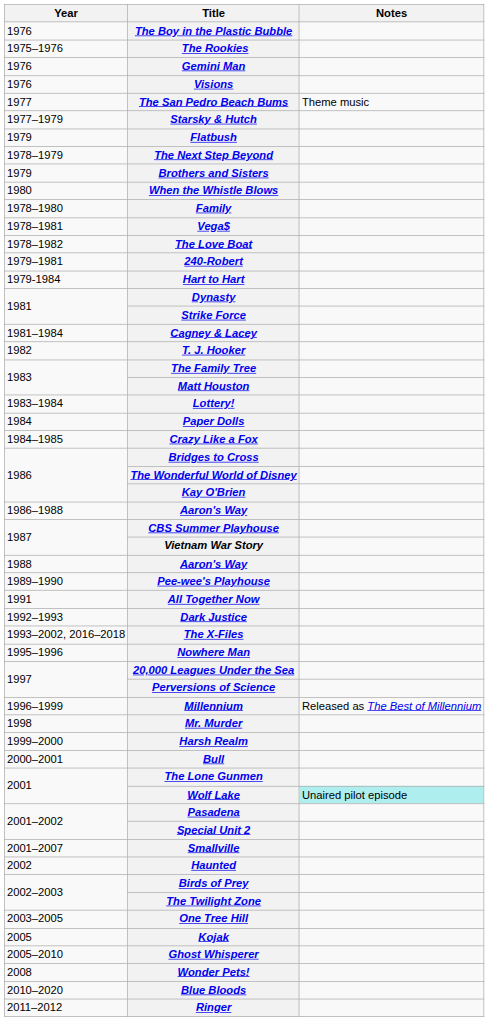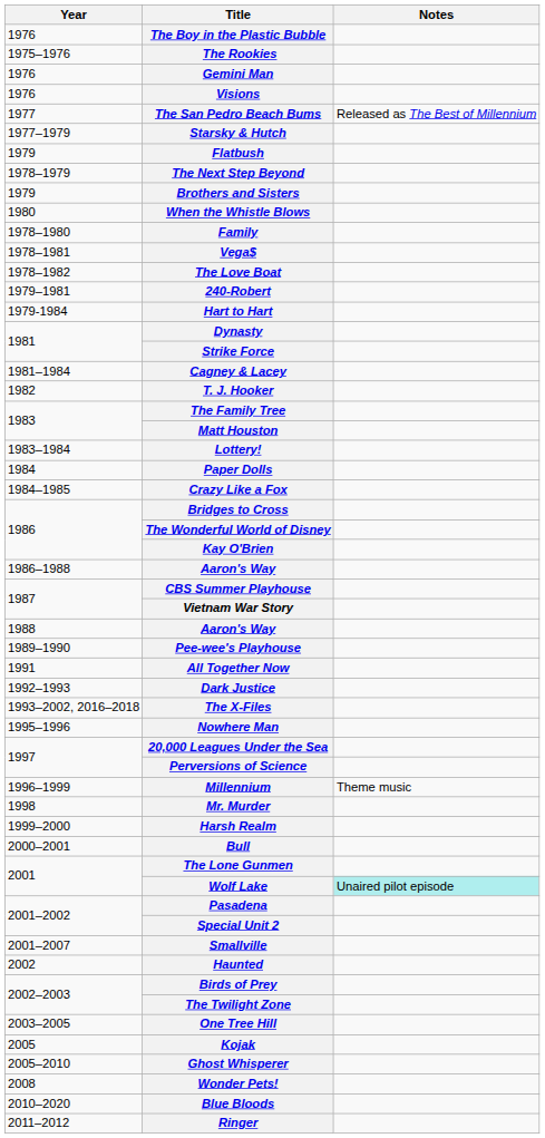 <table class="wikitable">
 <tr>
 <th>Year</th>
 <th>Title</th>
 <th>Notes</th>
 </tr>
 <tr>
 <td>1976</td>
 <th><em><a href='#'>The Boy in the Plastic Bubble</a></em></th>
 <td></td>
 </tr>
 <tr>
 <td>1975–1976</td>
 <th> <em><a href='#'>The Rookies</a></em></th>
 <td></td>
 </tr>
 <tr>
 <td>1976</td>
 <th><em><a href='#'>Gemini Man</a></em></th>
 <td></td>
 </tr>
 <tr>
 <td>1976</td>
 <th><em><a href='#'>Visions</a></em></th>
 <td></td>
 </tr>
 <tr>
 <td>1977</td>
 <th><em><a href='#'>The San Pedro Beach Bums</a></em></th>
-<td>Theme music</td>
+<td>Released as <em><a href='#'>The Best of Millennium</a></em></td>
 </tr>
 <tr>
 <td>1977–1979</td>
 <th><em><a href='#'>Starsky & Hutch</a></em></th>
 <td></td>
 </tr>
 <tr>
 <td>1979</td>
 <th><em><a href='#'>Flatbush</a></em></th>
 <td></td>
 </tr>
 <tr>
 <td>1978–1979</td>
 <th><em><a href='#'>The Next Step Beyond</a></em></th>
 <td></td>
 </tr>
 <tr>
 <td>1979</td>
 <th><em><a href='#'>Brothers and Sisters</a></em></th>
 <td></td>
 </tr>
 <tr>
 <td>1980</td>
 <th><em><a href='#'>When the Whistle Blows</a></em></th>
 <td></td>
 </tr>
 <tr>
 <td>1978–1980</td>
 <th><em><a href='#'>Family</a></em></th>
 <td></td>
 </tr>
 <tr>
 <td>1978–1981</td>
 <th><em><a href='#'>Vega$</a></em></th>
 <td></td>
 </tr>
 <tr>
 <td>1978–1982</td>
 <th><em><a href='#'>The Love Boat</a></em></th>
 <td></td>
 </tr>
 <tr>
 <td>1979–1981</td>
 <th><em><a href='#'>240-Robert</a></em></th>
 <td></td>
 </tr>
 <tr>
 <td>1979-1984</td>
 <th><em><a href='#'>Hart to Hart</a></em></th>
 <td></td>
 </tr>
 <tr>
 <td rowspan="2">1981</td>
 <th><em><a href='#'>Dynasty</a></em></th>
 <td></td>
 </tr>
 <tr>
 <th><em><a href='#'>Strike Force</a></em></th>
 <td></td>
 </tr>
 <tr>
 <td>1981–1984</td>
 <th><em><a href='#'>Cagney & Lacey</a></em></th>
 <td></td>
 </tr>
 <tr>
 <td>1982</td>
 <th><em><a href='#'>T. J. Hooker</a></em></th>
 <td></td>
 </tr>
 <tr>
 <td rowspan="2">1983</td>
 <th><em><a href='#'>The Family Tree</a></em></th>
 <td></td>
 </tr>
 <tr>
 <th><em><a href='#'>Matt Houston</a></em></th>
 <td></td>
 </tr>
 <tr>
 <td>1983–1984</td>
 <th><em><a href='#'>Lottery!</a></em></th>
 <td></td>
 </tr>
 <tr>
 <td>1984</td>
 <th><em><a href='#'>Paper Dolls</a></em></th>
 <td></td>
 </tr>
 <tr>
 <td>1984–1985</td>
 <th><em><a href='#'>Crazy Like a Fox</a></em></th>
 <td></td>
 </tr>
 <tr>
 <td rowspan="3">1986</td>
 <th><em><a href='#'>Bridges to Cross</a></em></th>
 <td></td>
 </tr>
 <tr>
 <th><em><a href='#'>The Wonderful World of Disney</a></em></th>
 <td></td>
 </tr>
 <tr>
 <th><em><a href='#'>Kay O'Brien</a></em></th>
 <td></td>
 </tr>
 <tr>
 <td>1986–1988</td>
 <th><em><a href='#'>Aaron's Way</a></em></th>
 <td></td>
 </tr>
 <tr>
 <td rowspan="2">1987</td>
 <th><em><a href='#'>CBS Summer Playhouse</a></em></th>
 <td></td>
 </tr>
 <tr>
 <th><em>Vietnam War Story</em></th>
 <td></td>
 </tr>
 <tr>
 <td>1988</td>
 <th><em><a href='#'>Aaron's Way</a></em></th>
 <td></td>
 </tr>
 <tr>
 <td>1989–1990</td>
 <th><em><a href='#'>Pee-wee's Playhouse</a></em></th>
 <td></td>
 </tr>
 <tr>
 <td>1991</td>
 <th><em><a href='#'>All Together Now</a></em></th>
 <td></td>
 </tr>
 <tr>
 <td>1992–1993</td>
 <th><em><a href='#'>Dark Justice</a></em></th>
 <td></td>
 </tr>
 <tr>
 <td>1993–2002, 2016–2018</td>
 <th><em><a href='#'>The X-Files</a></em></th>
 <td style="text-align:center;"></td>
 </tr>
 <tr>
 <td>1995–1996</td>
 <th><em><a href='#'>Nowhere Man</a></em></th>
 <td></td>
 </tr>
 <tr>
 <td rowspan="2">1997</td>
 <th><em><a href='#'>20,000 Leagues Under the Sea</a></em></th>
 <td></td>
 </tr>
 <tr>
 <th><em><a href='#'>Perversions of Science</a></em></th>
 <td></td>
 </tr>
 <tr>
 <td>1996–1999</td>
 <th><em><a href='#'>Millennium</a></em></th>
-<td>Released as <em><a href='#'>The Best of Millennium</a></em></td>
+<td>Theme music</td>
 </tr>
 <tr>
 <td>1998</td>
 <th><em><a href='#'>Mr. Murder</a></em></th>
 <td></td>
 </tr>
 <tr>
 <td>1999–2000</td>
 <th><em><a href='#'>Harsh Realm</a></em></th>
 <td></td>
 </tr>
 <tr>
 <td>2000–2001</td>
 <th><em><a href='#'>Bull</a></em></th>
 <td></td>
 </tr>
 <tr>
 <td rowspan="2">2001</td>
 <th><em><a href='#'>The Lone Gunmen</a></em></th>
 <td></td>
 </tr>
 <tr>
 <th><em><a href='#'>Wolf Lake</a></em></th>
 <td style="background: paleturquoise;">Unaired pilot episode</td>
 </tr>
 <tr>
 <td rowspan="2">2001–2002</td>
 <th><em><a href='#'>Pasadena</a></em></th>
 <td></td>
 </tr>
 <tr>
 <th><em><a href='#'>Special Unit 2</a></em></th>
 <td></td>
 </tr>
 <tr>
 <td>2001–2007</td>
 <th><em><a href='#'>Smallville</a></em></th>
 <td></td>
 </tr>
 <tr>
 <td>2002</td>
 <th><em><a href='#'>Haunted</a></em></th>
 <td></td>
 </tr>
 <tr>
 <td rowspan="2">2002–2003</td>
 <th><em><a href='#'>Birds of Prey</a></em></th>
 <td></td>
 </tr>
 <tr>
 <th><em><a href='#'>The Twilight Zone</a></em></th>
 <td></td>
 </tr>
 <tr>
 <td>2003–2005</td>
 <th><em><a href='#'>One Tree Hill</a></em></th>
 <td></td>
 </tr>
 <tr>
 <td>2005</td>
 <th><em><a href='#'>Kojak</a></em></th>
 <td></td>
 </tr>
 <tr>
 <td>2005–2010</td>
 <th><em><a href='#'>Ghost Whisperer</a></em></th>
 <td></td>
 </tr>
 <tr>
 <td>2008</td>
 <th><em><a href='#'>Wonder Pets!</a></em></th>
 <td></td>
 </tr>
 <tr>
 <td>2010–2020</td>
 <th><em><a href='#'>Blue Bloods</a></em></th>
 <td></td>
 </tr>
 <tr>
 <td>2011–2012</td>
 <th><em><a href='#'>Ringer</a></em></th>
 <td></td>
 </tr>
 </table>
